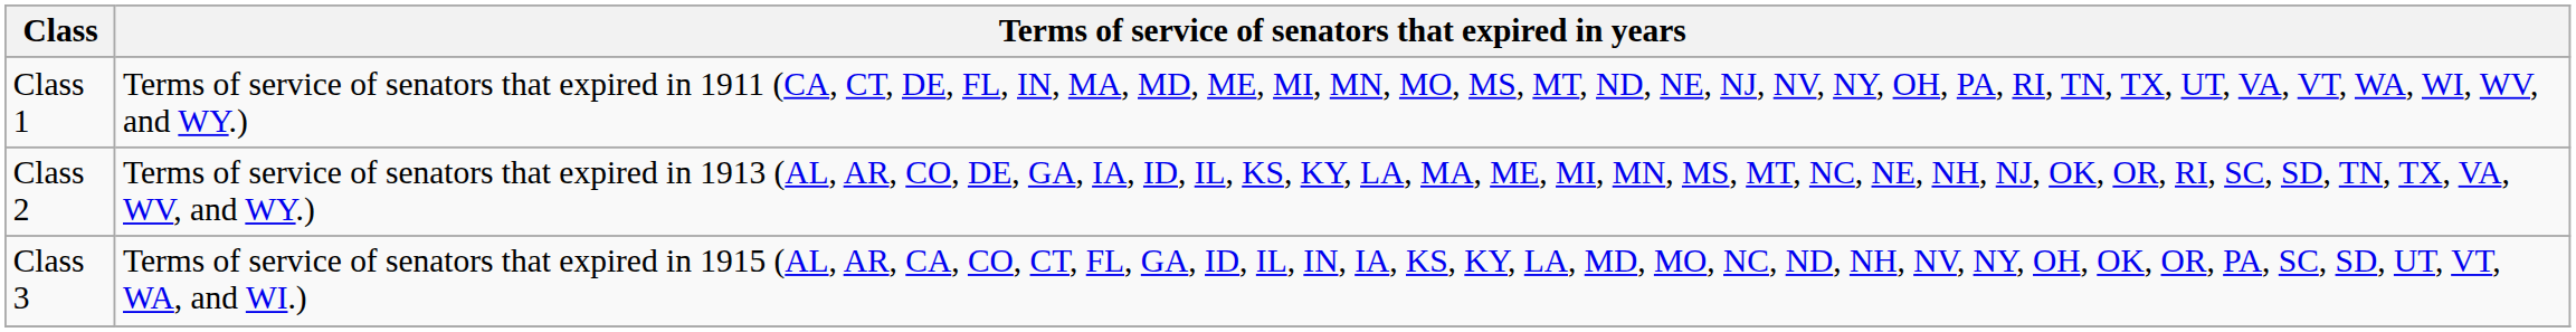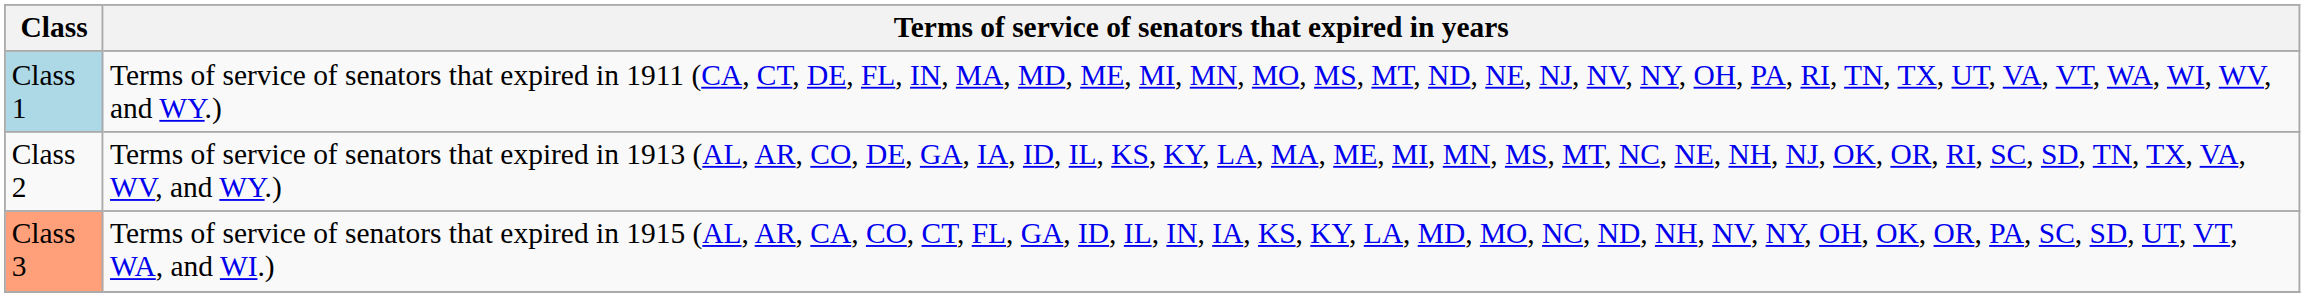 <table class="wikitable sortable">
 <tr valign=bottom>
 <th>Class</th>
 <th>Terms of service of senators that expired in years</th>
 </tr>
 <tr>
-<td>Class 1</td>
+<td style="background: lightblue;">Class 1</td>
 <td>Terms of service of senators that expired in 1911 (<a href='#'>CA</a>, <a href='#'>CT</a>, <a href='#'>DE</a>, <a href='#'>FL</a>, <a href='#'>IN</a>, <a href='#'>MA</a>, <a href='#'>MD</a>, <a href='#'>ME</a>,  <a href='#'>MI</a>, <a href='#'>MN</a>, <a href='#'>MO</a>, <a href='#'>MS</a>, <a href='#'>MT</a>, <a href='#'>ND</a>, <a href='#'>NE</a>, <a href='#'>NJ</a>,  <a href='#'>NV</a>, <a href='#'>NY</a>, <a href='#'>OH</a>, <a href='#'>PA</a>, <a href='#'>RI</a>, <a href='#'>TN</a>, <a href='#'>TX</a>, <a href='#'>UT</a>, <a href='#'>VA</a>, <a href='#'>VT</a>, <a href='#'>WA</a>, <a href='#'>WI</a>, <a href='#'>WV</a>, and <a href='#'>WY</a>.)</td>
 </tr>
 <tr>
 <td>Class 2</td>
 <td>Terms of service of senators that expired in 1913 (<a href='#'>AL</a>, <a href='#'>AR</a>, <a href='#'>CO</a>, <a href='#'>DE</a>, <a href='#'>GA</a>, <a href='#'>IA</a>, <a href='#'>ID</a>, <a href='#'>IL</a>, <a href='#'>KS</a>, <a href='#'>KY</a>, <a href='#'>LA</a>, <a href='#'>MA</a>, <a href='#'>ME</a>, <a href='#'>MI</a>, <a href='#'>MN</a>, <a href='#'>MS</a>, <a href='#'>MT</a>, <a href='#'>NC</a>, <a href='#'>NE</a>, <a href='#'>NH</a>, <a href='#'>NJ</a>, <a href='#'>OK</a>, <a href='#'>OR</a>, <a href='#'>RI</a>, <a href='#'>SC</a>, <a href='#'>SD</a>, <a href='#'>TN</a>, <a href='#'>TX</a>, <a href='#'>VA</a>, <a href='#'>WV</a>, and <a href='#'>WY</a>.)</td>
 </tr>
 <tr>
-<td>Class 3</td>
+<td style="background: lightsalmon;">Class 3</td>
 <td>Terms of service of senators that expired in 1915 (<a href='#'>AL</a>, <a href='#'>AR</a>, <a href='#'>CA</a>, <a href='#'>CO</a>, <a href='#'>CT</a>, <a href='#'>FL</a>, <a href='#'>GA</a>, <a href='#'>ID</a>, <a href='#'>IL</a>, <a href='#'>IN</a>, <a href='#'>IA</a>, <a href='#'>KS</a>, <a href='#'>KY</a>, <a href='#'>LA</a>, <a href='#'>MD</a>, <a href='#'>MO</a>, <a href='#'>NC</a>, <a href='#'>ND</a>, <a href='#'>NH</a>, <a href='#'>NV</a>, <a href='#'>NY</a>, <a href='#'>OH</a>, <a href='#'>OK</a>, <a href='#'>OR</a>, <a href='#'>PA</a>, <a href='#'>SC</a>, <a href='#'>SD</a>, <a href='#'>UT</a>, <a href='#'>VT</a>, <a href='#'>WA</a>, and <a href='#'>WI</a>.)</td>
 </tr>
 <tr>
 </tr>
 </table>
